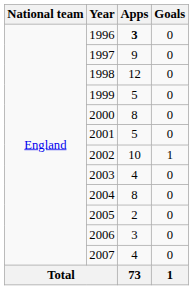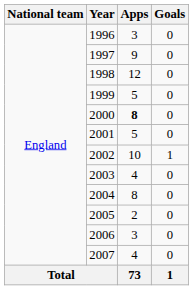 <table class="wikitable" style="text-align:center">
 <tr>
 <th>National team</th>
 <th>Year</th>
 <th>Apps</th>
 <th>Goals</th>
 </tr>
 <tr>
 <td rowspan="12"><a href='#'>England</a></td>
 <td>1996</td>
-<td><strong>3</strong></td>
+<td>3</td>
 <td>0</td>
 </tr>
 <tr>
 <td>1997</td>
 <td>9</td>
 <td>0</td>
 </tr>
 <tr>
 <td>1998</td>
 <td>12</td>
 <td>0</td>
 </tr>
 <tr>
 <td>1999</td>
 <td>5</td>
 <td>0</td>
 </tr>
 <tr>
 <td>2000</td>
-<td>8</td>
+<td><strong>8</strong></td>
 <td>0</td>
 </tr>
 <tr>
 <td>2001</td>
 <td>5</td>
 <td>0</td>
 </tr>
 <tr>
 <td>2002</td>
 <td>10</td>
 <td>1</td>
 </tr>
 <tr>
 <td>2003</td>
 <td>4</td>
 <td>0</td>
 </tr>
 <tr>
 <td>2004</td>
 <td>8</td>
 <td>0</td>
 </tr>
 <tr>
 <td>2005</td>
 <td>2</td>
 <td>0</td>
 </tr>
 <tr>
 <td>2006</td>
 <td>3</td>
 <td>0</td>
 </tr>
 <tr>
 <td>2007</td>
 <td>4</td>
 <td>0</td>
 </tr>
 <tr>
 <th colspan="2">Total</th>
 <th>73</th>
 <th>1</th>
 </tr>
 </table>
